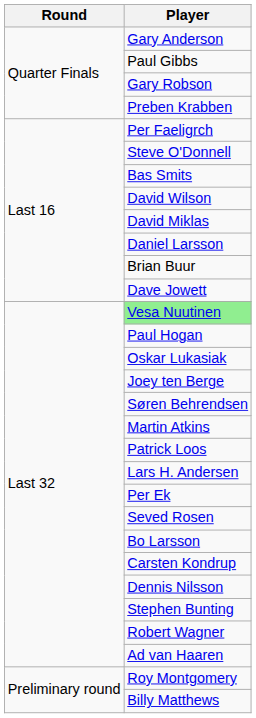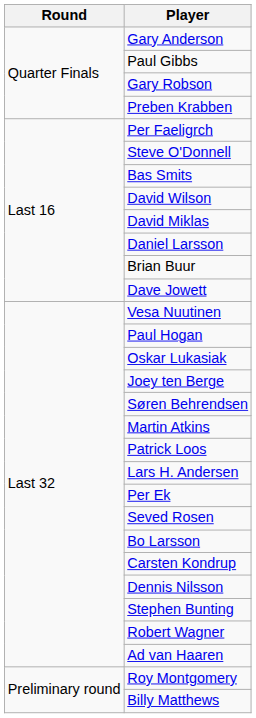 <table class="wikitable">
 <tr>
 <th>Round</th>
 <th>Player</th>
 </tr>
 <tr>
 <td rowspan="4">Quarter Finals</td>
 <td> <a href='#'>Gary Anderson</a></td>
 </tr>
 <tr>
 <td> Paul Gibbs</td>
 </tr>
 <tr>
 <td> <a href='#'>Gary Robson</a></td>
 </tr>
 <tr>
 <td> <a href='#'>Preben Krabben</a></td>
 </tr>
 <tr>
 <td rowspan="8">Last 16</td>
 <td> <a href='#'>Per Faeligrch</a></td>
 </tr>
 <tr>
 <td> <a href='#'>Steve O'Donnell</a></td>
 </tr>
 <tr>
 <td> <a href='#'>Bas Smits</a></td>
 </tr>
 <tr>
 <td> <a href='#'>David Wilson</a></td>
 </tr>
 <tr>
 <td> <a href='#'>David Miklas</a></td>
 </tr>
 <tr>
 <td> <a href='#'>Daniel Larsson</a></td>
 </tr>
 <tr>
 <td> Brian Buur</td>
 </tr>
 <tr>
 <td> <a href='#'>Dave Jowett</a></td>
 </tr>
 <tr>
 <td rowspan="16">Last 32</td>
-<td style="background: lightgreen;"> <a href='#'>Vesa Nuutinen</a></td>
+<td> <a href='#'>Vesa Nuutinen</a></td>
 </tr>
 <tr>
 <td> <a href='#'>Paul Hogan</a></td>
 </tr>
 <tr>
 <td> <a href='#'>Oskar Lukasiak</a></td>
 </tr>
 <tr>
 <td> <a href='#'>Joey ten Berge</a></td>
 </tr>
 <tr>
 <td> <a href='#'>Søren Behrendsen</a></td>
 </tr>
 <tr>
 <td> <a href='#'>Martin Atkins</a></td>
 </tr>
 <tr>
 <td> <a href='#'>Patrick Loos</a></td>
 </tr>
 <tr>
 <td> <a href='#'>Lars H. Andersen</a></td>
 </tr>
 <tr>
 <td> <a href='#'>Per Ek</a></td>
 </tr>
 <tr>
 <td> <a href='#'>Seved Rosen</a></td>
 </tr>
 <tr>
 <td> <a href='#'>Bo Larsson</a></td>
 </tr>
 <tr>
 <td> <a href='#'>Carsten Kondrup</a></td>
 </tr>
 <tr>
 <td> <a href='#'>Dennis Nilsson</a></td>
 </tr>
 <tr>
 <td> <a href='#'>Stephen Bunting</a></td>
 </tr>
 <tr>
 <td> <a href='#'>Robert Wagner</a></td>
 </tr>
 <tr>
 <td> <a href='#'>Ad van Haaren</a></td>
 </tr>
 <tr>
 <td rowspan="2">Preliminary round</td>
 <td> <a href='#'>Roy Montgomery</a></td>
 </tr>
 <tr>
 <td> <a href='#'>Billy Matthews</a></td>
 </tr>
 </table>
